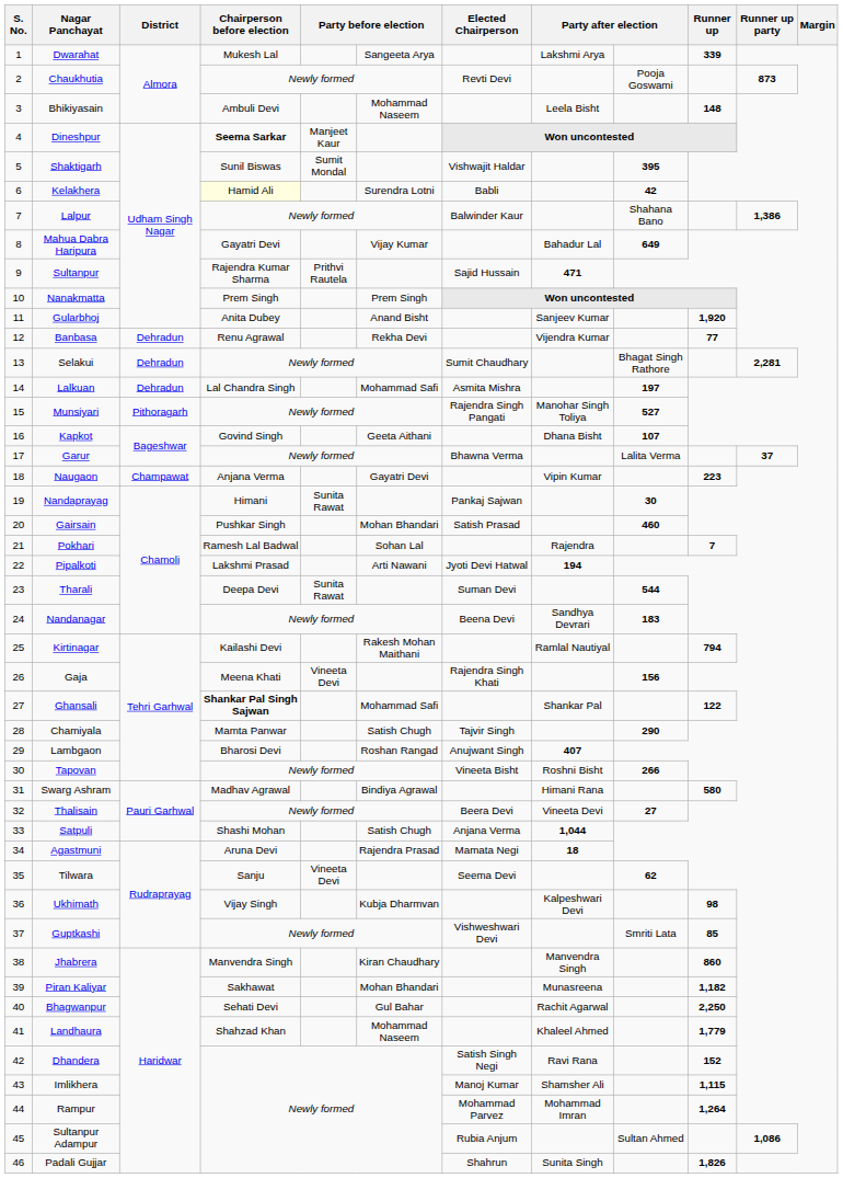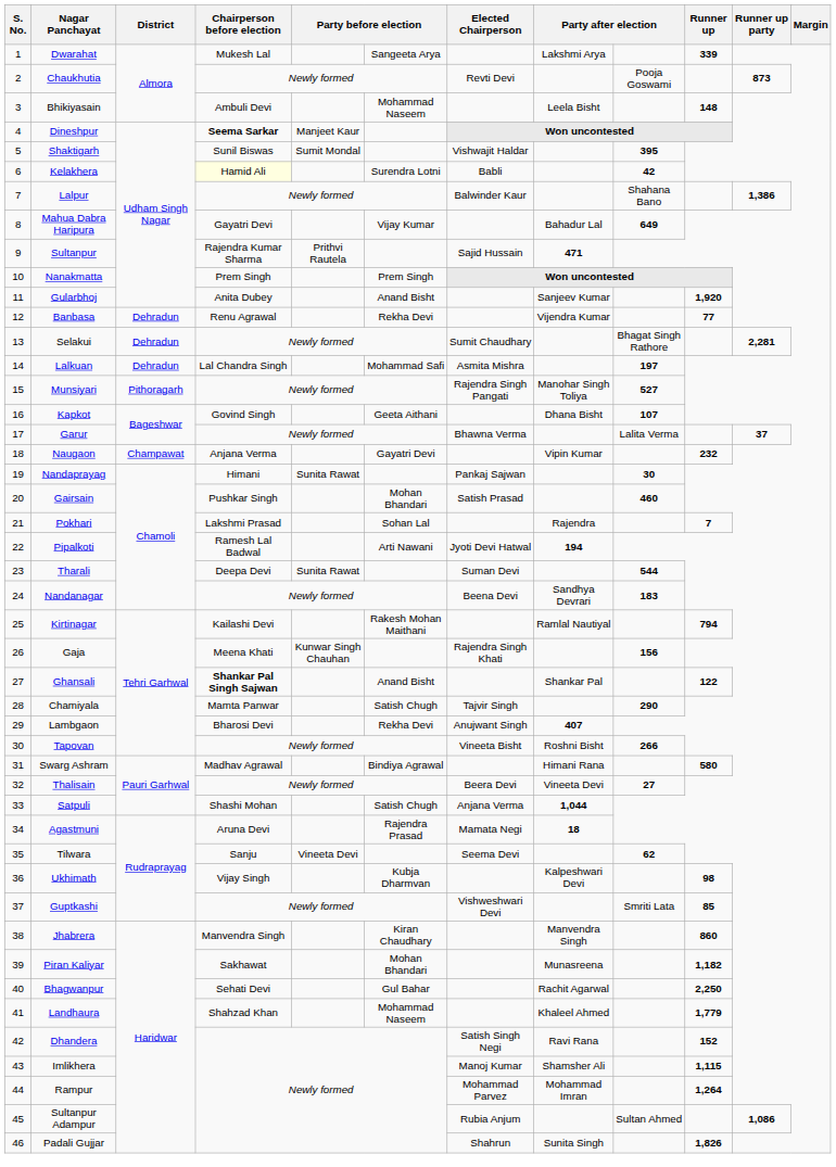 <table class="wikitable sortable">
 <tr style="text-align:center; height:60px;">
 <th scope="col">S. No.</th>
 <th>Nagar Panchayat</th>
 <th>District</th>
 <th>Chairperson before election</th>
 <th colspan=2>Party before election</th>
 <th>Elected Chairperson</th>
 <th colspan=2>Party after election</th>
 <th>Runner up</th>
 <th colspan=2>Runner up party</th>
 <th>Margin</th>
 </tr>
 <tr style="text-align:center; height:30px;">
 <td>1</td>
 <td><a href='#'>Dwarahat</a></td>
 <td rowspan="3"><a href='#'>Almora</a></td>
 <td>Mukesh Lal</td>
 <td></td>
 <td>Sangeeta Arya</td>
 <td></td>
 <td>Lakshmi Arya</td>
 <td></td>
 <td style="background:"><strong>339</strong></td>
 </tr>
 <tr style="text-align:center; height:30px;">
 <td>2</td>
 <td><a href='#'>Chaukhutia</a></td>
 <td colspan="3"><em>Newly formed</em></td>
 <td>Revti Devi</td>
 <td></td>
 <td>Pooja Goswami</td>
 <td></td>
 <td style="background:"><strong>873</strong></td>
 </tr>
 <tr style="text-align:center; height:30px;">
 <td>3</td>
 <td>Bhikiyasain</td>
 <td>Ambuli Devi</td>
 <td></td>
 <td>Mohammad Naseem</td>
 <td></td>
 <td>Leela Bisht</td>
 <td></td>
 <td style="background:"><strong>148</strong></td>
 </tr>
 <tr style="text-align:center; height:30px;">
 <td>4</td>
 <td><a href='#'>Dineshpur</a></td>
 <td rowspan="8"><a href='#'>Udham Singh Nagar</a></td>
 <td><strong>Seema Sarkar</strong></td>
 <td>Manjeet Kaur</td>
 <td></td>
 <td colspan="4" bgcolor=#E9E9E9><strong>Won uncontested</strong></td>
 </tr>
 <tr style="text-align:center; height:30px;">
 <td>5</td>
 <td><a href='#'>Shaktigarh</a></td>
 <td>Sunil Biswas</td>
 <td>Sumit Mondal</td>
 <td></td>
 <td>Vishwajit Haldar</td>
 <td></td>
 <td style="background:"><strong>395</strong></td>
 </tr>
 <tr style="text-align:center; height:30px;">
 <td>6</td>
 <td><a href='#'>Kelakhera</a></td>
 <td style="background: lightyellow;">Hamid Ali</td>
 <td></td>
 <td>Surendra Lotni</td>
 <td>Babli</td>
 <td></td>
 <td style="background:"><strong>42</strong></td>
 </tr>
 <tr style="text-align:center; height:30px;">
 <td>7</td>
 <td><a href='#'>Lalpur</a></td>
 <td colspan="3"><em>Newly formed</em></td>
 <td>Balwinder Kaur</td>
 <td></td>
 <td>Shahana Bano</td>
 <td></td>
 <td style="background:"><strong>1,386</strong></td>
 </tr>
 <tr style="text-align:center; height:30px;">
 <td>8</td>
 <td><a href='#'>Mahua Dabra Haripura</a></td>
 <td>Gayatri Devi</td>
 <td></td>
 <td>Vijay Kumar</td>
 <td></td>
 <td>Bahadur Lal</td>
 <td style="background:"><strong>649</strong></td>
 </tr>
 <tr style="text-align:center; height:30px;">
 <td>9</td>
 <td><a href='#'>Sultanpur</a></td>
 <td>Rajendra Kumar Sharma</td>
 <td>Prithvi Rautela</td>
 <td></td>
 <td>Sajid Hussain</td>
 <td style="background:"><strong>471</strong></td>
 </tr>
 <tr style="text-align:center; height:30px;">
 <td>10</td>
 <td><a href='#'>Nanakmatta</a></td>
 <td>Prem Singh</td>
 <td></td>
 <td>Prem Singh</td>
 <td colspan="4" bgcolor=#E9E9E9><strong>Won uncontested</strong></td>
 </tr>
 <tr style="text-align:center; height:30px;">
 <td>11</td>
 <td><a href='#'>Gularbhoj</a></td>
 <td>Anita Dubey</td>
 <td></td>
 <td>Anand Bisht</td>
 <td></td>
 <td>Sanjeev Kumar</td>
 <td></td>
 <td style="background:"><strong>1,920</strong></td>
 </tr>
 <tr style="text-align:center; height:30px;">
 <td>12</td>
 <td><a href='#'>Banbasa</a></td>
 <td><a href='#'>Dehradun</a></td>
 <td>Renu Agrawal</td>
 <td></td>
 <td>Rekha Devi</td>
 <td></td>
 <td>Vijendra Kumar</td>
 <td></td>
 <td style="background:"><strong>77</strong></td>
 </tr>
 <tr style="text-align:center; height:30px;">
 <td>13</td>
 <td>Selakui</td>
 <td><a href='#'>Dehradun</a></td>
 <td colspan="3"><em>Newly formed</em></td>
 <td>Sumit Chaudhary</td>
 <td></td>
 <td>Bhagat Singh Rathore</td>
 <td></td>
 <td style="background:"><strong>2,281</strong></td>
 </tr>
 <tr style="text-align:center; height:30px;">
 <td>14</td>
 <td><a href='#'>Lalkuan</a></td>
 <td><a href='#'>Dehradun</a></td>
 <td>Lal Chandra Singh</td>
 <td></td>
 <td>Mohammad Safi</td>
 <td>Asmita Mishra</td>
 <td></td>
 <td style="background:"><strong>197</strong></td>
 </tr>
 <tr style="text-align:center; height:30px;">
 <td>15</td>
 <td><a href='#'>Munsiyari</a></td>
 <td><a href='#'>Pithoragarh</a></td>
 <td colspan="3"><em>Newly formed</em></td>
 <td>Rajendra Singh Pangati</td>
 <td>Manohar Singh Toliya</td>
 <td style="background:"><strong>527</strong></td>
 </tr>
 <tr style="text-align:center; height:30px;">
 <td>16</td>
 <td><a href='#'>Kapkot</a></td>
 <td rowspan=2><a href='#'>Bageshwar</a></td>
 <td>Govind Singh</td>
 <td></td>
 <td>Geeta Aithani</td>
 <td></td>
 <td>Dhana Bisht</td>
 <td style="background:"><strong>107</strong></td>
 </tr>
 <tr style="text-align:center; height:30px;">
 <td>17</td>
 <td><a href='#'>Garur</a></td>
 <td colspan="3"><em>Newly formed</em></td>
 <td>Bhawna Verma</td>
 <td></td>
 <td>Lalita Verma</td>
 <td></td>
 <td style="background:"><strong>37</strong></td>
 </tr>
 <tr style="text-align:center; height:30px;">
 <td>18</td>
 <td><a href='#'>Naugaon</a></td>
 <td rowspan="1"><a href='#'>Champawat</a></td>
 <td>Anjana Verma</td>
 <td></td>
 <td>Gayatri Devi</td>
 <td></td>
 <td>Vipin Kumar</td>
 <td></td>
-<td style="background:"><strong>223</strong></td>
+<td style="background:"><strong>232</strong></td>
 </tr>
 <tr style="text-align:center; height:30px;">
 <td>19</td>
 <td><a href='#'>Nandaprayag</a></td>
 <td rowspan="6"><a href='#'>Chamoli</a></td>
 <td>Himani</td>
 <td>Sunita Rawat</td>
 <td></td>
 <td>Pankaj Sajwan</td>
 <td></td>
 <td style="background:"><strong>30</strong></td>
 </tr>
 <tr style="text-align:center; height:30px;">
 <td>20</td>
 <td><a href='#'>Gairsain</a></td>
 <td>Pushkar Singh</td>
 <td></td>
 <td>Mohan Bhandari</td>
 <td>Satish Prasad</td>
 <td></td>
 <td style="background:"><strong>460</strong></td>
 </tr>
 <tr style="text-align:center; height:30px;">
 <td>21</td>
 <td><a href='#'>Pokhari</a></td>
-<td>Ramesh Lal Badwal</td>
+<td>Lakshmi Prasad</td>
 <td></td>
 <td>Sohan Lal</td>
 <td></td>
 <td>Rajendra</td>
 <td></td>
 <td style="background:"><strong>7</strong></td>
 </tr>
 <tr style="text-align:center; height:30px;">
 <td>22</td>
 <td><a href='#'>Pipalkoti</a></td>
-<td>Lakshmi Prasad</td>
+<td>Ramesh Lal Badwal</td>
 <td></td>
 <td>Arti Nawani</td>
 <td>Jyoti Devi Hatwal</td>
 <td style="background:"><strong>194</strong></td>
 </tr>
 <tr style="text-align:center; height:30px;">
 <td>23</td>
 <td><a href='#'>Tharali</a></td>
 <td>Deepa Devi</td>
 <td>Sunita Rawat</td>
 <td></td>
 <td>Suman Devi</td>
 <td></td>
 <td style="background:"><strong>544</strong></td>
 </tr>
 <tr style="text-align:center; height:30px;">
 <td>24</td>
 <td><a href='#'>Nandanagar</a></td>
 <td colspan="3"><em>Newly formed</em></td>
 <td>Beena Devi</td>
 <td>Sandhya Devrari</td>
 <td style="background:"><strong>183</strong></td>
 </tr>
 <tr style="text-align:center; height:30px;">
 <td>25</td>
 <td><a href='#'>Kirtinagar</a></td>
 <td rowspan="6"><a href='#'>Tehri Garhwal</a></td>
 <td>Kailashi Devi</td>
 <td></td>
 <td>Rakesh Mohan Maithani</td>
 <td></td>
 <td>Ramlal Nautiyal</td>
 <td></td>
 <td style="background:"><strong>794</strong></td>
 </tr>
 <tr style="text-align:center; height:30px;">
 <td>26</td>
 <td>Gaja</td>
 <td>Meena Khati</td>
-<td>Vineeta Devi</td>
+<td>Kunwar Singh Chauhan</td>
 <td></td>
 <td>Rajendra Singh Khati</td>
 <td></td>
 <td style="background:"><strong>156</strong></td>
 </tr>
 <tr style="text-align:center; height:30px;">
 <td>27</td>
 <td><a href='#'>Ghansali</a></td>
 <td><strong>Shankar Pal Singh Sajwan</strong></td>
 <td></td>
-<td>Mohammad Safi</td>
+<td>Anand Bisht</td>
 <td></td>
 <td>Shankar Pal</td>
 <td></td>
 <td style="background:"><strong>122</strong></td>
 </tr>
 <tr style="text-align:center; height:30px;">
 <td>28</td>
 <td>Chamiyala</td>
 <td>Mamta Panwar</td>
 <td></td>
 <td>Satish Chugh</td>
 <td>Tajvir Singh</td>
 <td></td>
 <td style="background:"><strong>290</strong></td>
 </tr>
 <tr style="text-align:center; height:30px;">
 <td>29</td>
 <td>Lambgaon</td>
 <td>Bharosi Devi</td>
 <td></td>
-<td>Roshan Rangad</td>
+<td>Rekha Devi</td>
 <td>Anujwant Singh</td>
 <td style="background:"><strong>407</strong></td>
 </tr>
 <tr style="text-align:center; height:30px;">
 <td>30</td>
 <td><a href='#'>Tapovan</a></td>
 <td colspan="3"><em>Newly formed</em></td>
 <td>Vineeta Bisht</td>
 <td>Roshni Bisht</td>
 <td style="background:"><strong>266</strong></td>
 </tr>
 <tr style="text-align:center; height:30px;">
 <td>31</td>
 <td>Swarg Ashram</td>
 <td rowspan="3"><a href='#'>Pauri Garhwal</a></td>
 <td>Madhav Agrawal</td>
 <td></td>
 <td>Bindiya Agrawal</td>
 <td></td>
 <td>Himani Rana</td>
 <td></td>
 <td style="background:"><strong>580</strong></td>
 </tr>
 <tr style="text-align:center; height:30px;">
 <td>32</td>
 <td><a href='#'>Thalisain</a></td>
 <td colspan="3"><em>Newly formed</em></td>
 <td>Beera Devi</td>
 <td>Vineeta Devi</td>
 <td style="background:"><strong>27</strong></td>
 </tr>
 <tr style="text-align:center; height:30px;">
 <td>33</td>
 <td><a href='#'>Satpuli</a></td>
 <td>Shashi Mohan</td>
 <td></td>
 <td>Satish Chugh</td>
 <td>Anjana Verma</td>
 <td style="background:"><strong>1,044</strong></td>
 </tr>
 <tr style="text-align:center; height:30px;">
 <td>34</td>
 <td><a href='#'>Agastmuni</a></td>
 <td rowspan="4"><a href='#'>Rudraprayag</a></td>
 <td>Aruna Devi</td>
 <td></td>
 <td>Rajendra Prasad</td>
 <td>Mamata Negi</td>
 <td style="background:"><strong>18</strong></td>
 </tr>
 <tr style="text-align:center; height:30px;">
 <td>35</td>
 <td>Tilwara</td>
 <td>Sanju</td>
 <td>Vineeta Devi</td>
 <td></td>
 <td>Seema Devi</td>
 <td></td>
 <td style="background:"><strong>62</strong></td>
 </tr>
 <tr style="text-align:center; height:30px;">
 <td>36</td>
 <td><a href='#'>Ukhimath</a></td>
 <td>Vijay Singh</td>
 <td></td>
 <td>Kubja Dharmvan</td>
 <td></td>
 <td>Kalpeshwari Devi</td>
 <td></td>
 <td style="background:"><strong>98</strong></td>
 </tr>
 <tr style="text-align:center; height:30px;">
 <td>37</td>
 <td><a href='#'>Guptkashi</a></td>
 <td colspan="3"><em>Newly formed</em></td>
 <td>Vishweshwari Devi</td>
 <td></td>
 <td>Smriti Lata</td>
 <td style="background:"><strong>85</strong></td>
 </tr>
 <tr style="text-align:center; height:30px;">
 <td>38</td>
 <td><a href='#'>Jhabrera</a></td>
 <td rowspan="9"><a href='#'>Haridwar</a></td>
 <td>Manvendra Singh</td>
 <td></td>
 <td>Kiran Chaudhary</td>
 <td></td>
 <td>Manvendra Singh</td>
 <td></td>
 <td style="background:"><strong>860</strong></td>
 </tr>
 <tr style="text-align:center; height:30px;">
 <td>39</td>
 <td><a href='#'>Piran Kaliyar</a></td>
 <td>Sakhawat</td>
 <td></td>
 <td>Mohan Bhandari</td>
 <td></td>
 <td>Munasreena</td>
 <td></td>
 <td style="background:"><strong>1,182</strong></td>
 </tr>
 <tr style="text-align:center; height:30px;">
 <td>40</td>
 <td><a href='#'>Bhagwanpur</a></td>
 <td>Sehati Devi</td>
 <td></td>
 <td>Gul Bahar</td>
 <td></td>
 <td>Rachit Agarwal</td>
 <td></td>
 <td style="background:"><strong>2,250</strong></td>
 </tr>
 <tr style="text-align:center; height:30px;">
 <td>41</td>
 <td><a href='#'>Landhaura</a></td>
 <td>Shahzad Khan</td>
 <td></td>
 <td>Mohammad Naseem</td>
 <td></td>
 <td>Khaleel Ahmed</td>
 <td></td>
 <td style="background:"><strong>1,779</strong></td>
 </tr>
 <tr style="text-align:center; height:30px;">
 <td>42</td>
 <td><a href='#'>Dhandera</a></td>
 <td rowspan="5" colspan="3"><em>Newly formed</em></td>
 <td>Satish Singh Negi</td>
 <td>Ravi Rana</td>
 <td></td>
 <td style="background:"><strong>152</strong></td>
 </tr>
 <tr style="text-align:center; height:30px;">
 <td>43</td>
 <td>Imlikhera</td>
 <td>Manoj Kumar</td>
 <td>Shamsher Ali</td>
 <td></td>
 <td style="background:"><strong>1,115</strong></td>
 </tr>
 <tr style="text-align:center; height:30px;">
 <td>44</td>
 <td>Rampur</td>
 <td>Mohammad Parvez</td>
 <td>Mohammad Imran</td>
 <td></td>
 <td style="background:"><strong>1,264</strong></td>
 </tr>
 <tr style="text-align:center; height:30px;">
 <td>45</td>
 <td>Sultanpur Adampur</td>
 <td>Rubia Anjum</td>
 <td></td>
 <td>Sultan Ahmed</td>
 <td></td>
 <td style="background:"><strong>1,086</strong></td>
 </tr>
 <tr style="text-align:center; height:30px;">
 <td>46</td>
 <td>Padali Gujjar</td>
 <td>Shahrun</td>
 <td>Sunita Singh</td>
 <td></td>
 <td style="background:"><strong>1,826</strong></td>
 </tr>
 </table>
